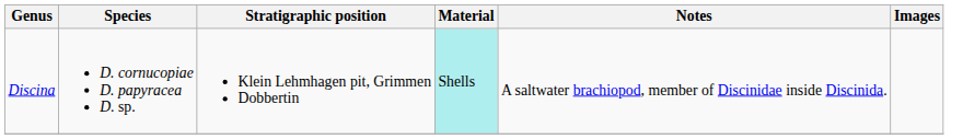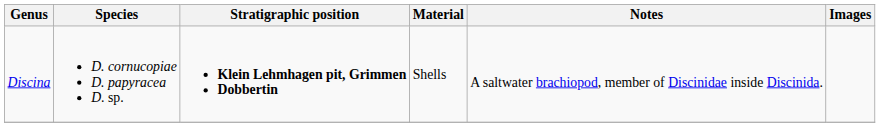 <table class = "wikitable">
 <tr>
 <th>Genus</th>
 <th>Species</th>
 <th>Stratigraphic position</th>
 <th>Material</th>
 <th>Notes</th>
 <th>Images</th>
 </tr>
 <tr>
 <td><br><em><a href='#'>Discina</a></em></td>
 <td><br><ul><li><em>D. cornucopiae</em></li><li><em>D. papyracea</em></li><li><em>D</em>. sp.</li></ul></td>
-<td><br><ul><li>Klein Lehmhagen pit, Grimmen</li><li>Dobbertin</li></ul></td>
-<td style="background: paleturquoise;">Shells</td>
+<td><strong><br><ul><li>Klein Lehmhagen pit, Grimmen</li><li>Dobbertin</li></ul></strong></td>
+<td>Shells</td>
 <td><br>A saltwater <a href='#'>brachiopod</a>, member of  <a href='#'>Discinidae</a> inside <a href='#'>Discinida</a>.</td>
 <td></td>
 </tr>
 <tr>
 </tr>
 </table>
